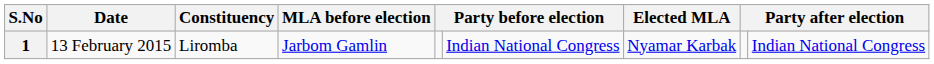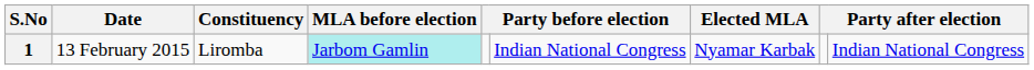 <table class="wikitable sortable">
 <tr>
 <th>S.No</th>
 <th>Date</th>
 <th>Constituency</th>
 <th>MLA before election</th>
 <th colspan="2">Party before election</th>
 <th>Elected MLA</th>
 <th colspan="2">Party after election</th>
 </tr>
 <tr>
 <th>1</th>
 <td>13 February 2015</td>
 <td>Liromba</td>
-<td><a href='#'>Jarbom Gamlin</a></td>
+<td style="background: paleturquoise;"><a href='#'>Jarbom Gamlin</a></td>
 <td></td>
 <td><a href='#'>Indian National Congress</a></td>
 <td><a href='#'>Nyamar Karbak</a></td>
 <td></td>
 <td><a href='#'>Indian National Congress</a></td>
 </tr>
 </table>
